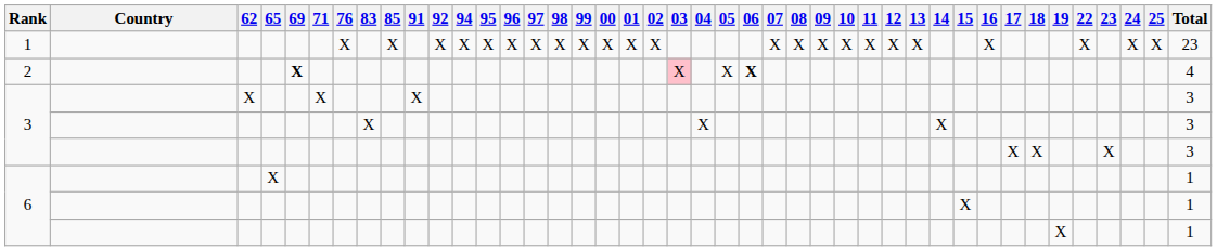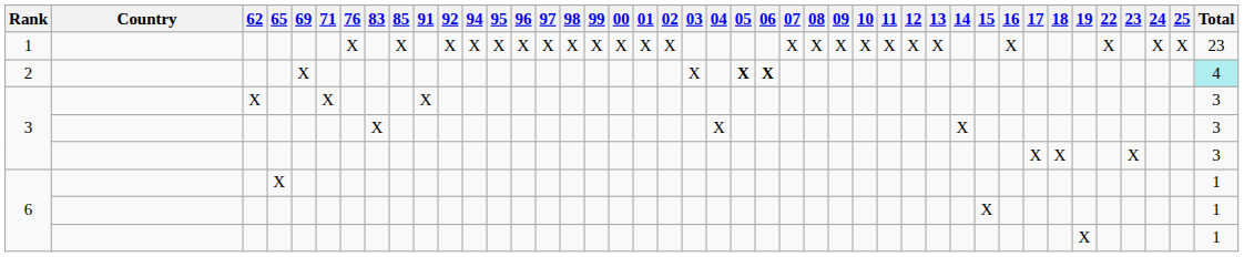 <table class=wikitable style="font-size:85%; text-align:center">
 <tr>
 <th>Rank</th>
 <th width=150>Country</th>
 <th><a href='#'>62</a></th>
 <th><a href='#'>65</a></th>
 <th><a href='#'>69</a></th>
 <th><a href='#'>71</a></th>
 <th><a href='#'>76</a></th>
 <th><a href='#'>83</a></th>
 <th><a href='#'>85</a></th>
 <th><a href='#'>91</a></th>
 <th><a href='#'>92</a></th>
 <th><a href='#'>94</a></th>
 <th><a href='#'>95</a></th>
 <th><a href='#'>96</a></th>
 <th><a href='#'>97</a></th>
 <th><a href='#'>98</a></th>
 <th><a href='#'>99</a></th>
 <th><a href='#'>00</a></th>
 <th><a href='#'>01</a></th>
 <th><a href='#'>02</a></th>
 <th><a href='#'>03</a></th>
 <th><a href='#'>04</a></th>
 <th><a href='#'>05</a></th>
 <th><a href='#'>06</a></th>
 <th><a href='#'>07</a></th>
 <th><a href='#'>08</a></th>
 <th><a href='#'>09</a></th>
 <th><a href='#'>10</a></th>
 <th><a href='#'>11</a></th>
 <th><a href='#'>12</a></th>
 <th><a href='#'>13</a></th>
 <th><a href='#'>14</a></th>
 <th><a href='#'>15</a></th>
 <th><a href='#'>16</a></th>
 <th><a href='#'>17</a></th>
 <th><a href='#'>18</a></th>
 <th><a href='#'>19</a></th>
 <th><a href='#'>22</a></th>
 <th><a href='#'>23</a></th>
 <th><a href='#'>24</a></th>
 <th><a href='#'>25</a></th>
 <th>Total</th>
 </tr>
 <tr>
 <td>1</td>
 <td align=left></td>
 <td></td>
 <td></td>
 <td></td>
 <td></td>
 <td>X</td>
 <td></td>
 <td>X</td>
 <td></td>
 <td>X</td>
 <td>X</td>
 <td>X</td>
 <td>X</td>
 <td>X</td>
 <td>X</td>
 <td>X</td>
 <td>X</td>
 <td>X</td>
 <td>X</td>
 <td></td>
 <td></td>
 <td></td>
 <td></td>
 <td>X</td>
 <td>X</td>
 <td>X</td>
 <td>X</td>
 <td>X</td>
 <td>X</td>
 <td>X</td>
 <td></td>
 <td></td>
 <td>X</td>
 <td></td>
 <td></td>
 <td></td>
 <td>X</td>
 <td></td>
 <td>X</td>
 <td>X</td>
 <td>23</td>
 </tr>
 <tr>
 <td>2</td>
 <td align=left></td>
 <td></td>
 <td></td>
-<td><strong>X</strong></td>
+<td>X</td>
 <td></td>
 <td></td>
 <td></td>
 <td></td>
 <td></td>
 <td></td>
 <td></td>
 <td></td>
 <td></td>
 <td></td>
 <td></td>
 <td></td>
 <td></td>
 <td></td>
 <td></td>
-<td style="background: pink;">X</td>
+<td>X</td>
 <td></td>
-<td>X</td>
+<td><strong>X</strong></td>
 <td><strong>X</strong></td>
 <td></td>
 <td></td>
 <td></td>
 <td></td>
 <td></td>
 <td></td>
 <td></td>
 <td></td>
 <td></td>
 <td></td>
 <td></td>
 <td></td>
 <td></td>
 <td></td>
 <td></td>
 <td></td>
 <td></td>
-<td>4</td>
+<td style="background: paleturquoise;">4</td>
 </tr>
 <tr>
 <td rowspan=3>3</td>
 <td align=left></td>
 <td>X</td>
 <td></td>
 <td></td>
 <td>X</td>
 <td></td>
 <td></td>
 <td></td>
 <td>X</td>
 <td></td>
 <td></td>
 <td></td>
 <td></td>
 <td></td>
 <td></td>
 <td></td>
 <td></td>
 <td></td>
 <td></td>
 <td></td>
 <td></td>
 <td></td>
 <td></td>
 <td></td>
 <td></td>
 <td></td>
 <td></td>
 <td></td>
 <td></td>
 <td></td>
 <td></td>
 <td></td>
 <td></td>
 <td></td>
 <td></td>
 <td></td>
 <td></td>
 <td></td>
 <td></td>
 <td></td>
 <td>3</td>
 </tr>
 <tr>
 <td align=left></td>
 <td></td>
 <td></td>
 <td></td>
 <td></td>
 <td></td>
 <td>X</td>
 <td></td>
 <td></td>
 <td></td>
 <td></td>
 <td></td>
 <td></td>
 <td></td>
 <td></td>
 <td></td>
 <td></td>
 <td></td>
 <td></td>
 <td></td>
 <td>X</td>
 <td></td>
 <td></td>
 <td></td>
 <td></td>
 <td></td>
 <td></td>
 <td></td>
 <td></td>
 <td></td>
 <td>X</td>
 <td></td>
 <td></td>
 <td></td>
 <td></td>
 <td></td>
 <td></td>
 <td></td>
 <td></td>
 <td></td>
 <td>3</td>
 </tr>
 <tr>
 <td align=left></td>
 <td></td>
 <td></td>
 <td></td>
 <td></td>
 <td></td>
 <td></td>
 <td></td>
 <td></td>
 <td></td>
 <td></td>
 <td></td>
 <td></td>
 <td></td>
 <td></td>
 <td></td>
 <td></td>
 <td></td>
 <td></td>
 <td></td>
 <td></td>
 <td></td>
 <td></td>
 <td></td>
 <td></td>
 <td></td>
 <td></td>
 <td></td>
 <td></td>
 <td></td>
 <td></td>
 <td></td>
 <td></td>
 <td>X</td>
 <td>X</td>
 <td></td>
 <td></td>
 <td>X</td>
 <td></td>
 <td></td>
 <td>3</td>
 </tr>
 <tr>
 <td rowspan=3>6</td>
 <td align=left></td>
 <td></td>
 <td>X</td>
 <td></td>
 <td></td>
 <td></td>
 <td></td>
 <td></td>
 <td></td>
 <td></td>
 <td></td>
 <td></td>
 <td></td>
 <td></td>
 <td></td>
 <td></td>
 <td></td>
 <td></td>
 <td></td>
 <td></td>
 <td></td>
 <td></td>
 <td></td>
 <td></td>
 <td></td>
 <td></td>
 <td></td>
 <td></td>
 <td></td>
 <td></td>
 <td></td>
 <td></td>
 <td></td>
 <td></td>
 <td></td>
 <td></td>
 <td></td>
 <td></td>
 <td></td>
 <td></td>
 <td>1</td>
 </tr>
 <tr>
 <td align=left></td>
 <td></td>
 <td></td>
 <td></td>
 <td></td>
 <td></td>
 <td></td>
 <td></td>
 <td></td>
 <td></td>
 <td></td>
 <td></td>
 <td></td>
 <td></td>
 <td></td>
 <td></td>
 <td></td>
 <td></td>
 <td></td>
 <td></td>
 <td></td>
 <td></td>
 <td></td>
 <td></td>
 <td></td>
 <td></td>
 <td></td>
 <td></td>
 <td></td>
 <td></td>
 <td></td>
 <td>X</td>
 <td></td>
 <td></td>
 <td></td>
 <td></td>
 <td></td>
 <td></td>
 <td></td>
 <td></td>
 <td>1</td>
 </tr>
 <tr>
 <td align=left></td>
 <td></td>
 <td></td>
 <td></td>
 <td></td>
 <td></td>
 <td></td>
 <td></td>
 <td></td>
 <td></td>
 <td></td>
 <td></td>
 <td></td>
 <td></td>
 <td></td>
 <td></td>
 <td></td>
 <td></td>
 <td></td>
 <td></td>
 <td></td>
 <td></td>
 <td></td>
 <td></td>
 <td></td>
 <td></td>
 <td></td>
 <td></td>
 <td></td>
 <td></td>
 <td></td>
 <td></td>
 <td></td>
 <td></td>
 <td></td>
 <td>X</td>
 <td></td>
 <td></td>
 <td></td>
 <td></td>
 <td>1</td>
 </tr>
 </table>
